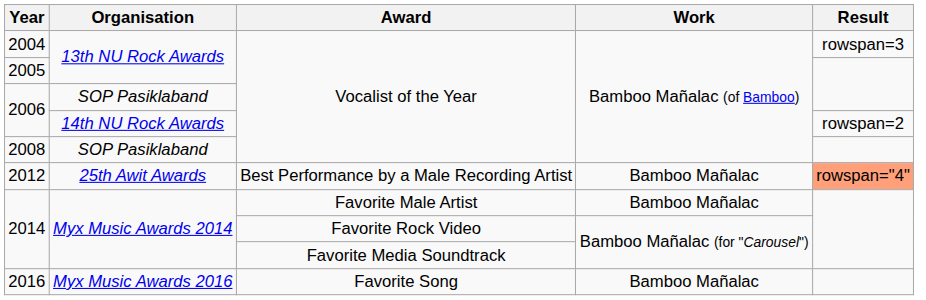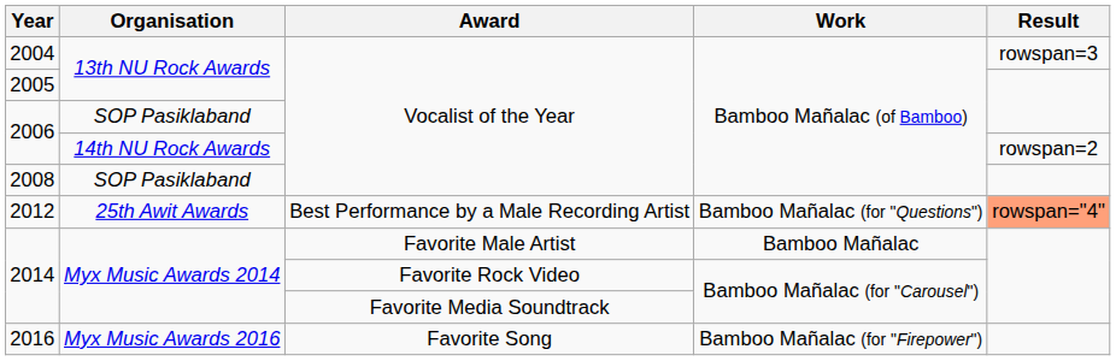 <table class="wikitable plainrowheaders" style="text-align:center;">
 <tr>
 <th>Year</th>
 <th>Organisation</th>
 <th>Award</th>
 <th>Work</th>
 <th>Result</th>
 </tr>
 <tr>
 <td>2004</td>
 <td rowspan="2"><em><a href='#'>13th NU Rock Awards</a></em></td>
 <td rowspan="5">Vocalist of the Year</td>
 <td rowspan="5">Bamboo Mañalac <small>(of <a href='#'>Bamboo</a>)</small></td>
 <td>rowspan=3 </td>
 </tr>
 <tr>
 <td>2005</td>
 </tr>
 <tr>
 <td rowspan="2">2006</td>
 <td><em>SOP Pasiklaband</em></td>
 </tr>
 <tr>
 <td><em><a href='#'>14th NU Rock Awards</a></em></td>
 <td>rowspan=2 </td>
 </tr>
 <tr>
 <td>2008</td>
 <td><em>SOP Pasiklaband</em></td>
 </tr>
 <tr>
 <td>2012</td>
 <td><em><a href='#'>25th Awit Awards</a></em></td>
 <td>Best Performance by a Male Recording Artist</td>
-<td>Bamboo Mañalac</td>
+<td>Bamboo Mañalac <small>(for "<em>Questions</em>")</small></td>
 <td style="background: lightsalmon;">rowspan="4" </td>
 </tr>
 <tr>
 <td rowspan="3">2014</td>
 <td rowspan="3"><em><a href='#'>Myx Music Awards 2014</a></em></td>
 <td>Favorite Male Artist</td>
 <td>Bamboo Mañalac</td>
 </tr>
 <tr>
 <td>Favorite Rock Video</td>
 <td rowspan="2">Bamboo Mañalac <small>(for "<em>Carousel</em>")</small></td>
 </tr>
 <tr>
 <td>Favorite Media Soundtrack</td>
 </tr>
 <tr>
 <td>2016</td>
 <td><em><a href='#'>Myx Music Awards 2016</a></em></td>
 <td>Favorite Song</td>
-<td>Bamboo Mañalac</td>
+<td>Bamboo Mañalac <small>(for "<em>Firepower</em>")</small></td>
 <td></td>
 </tr>
 </table>
